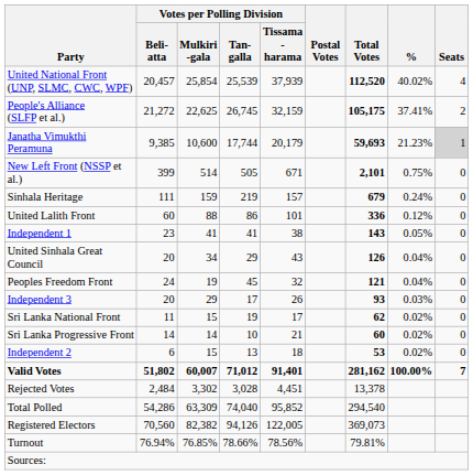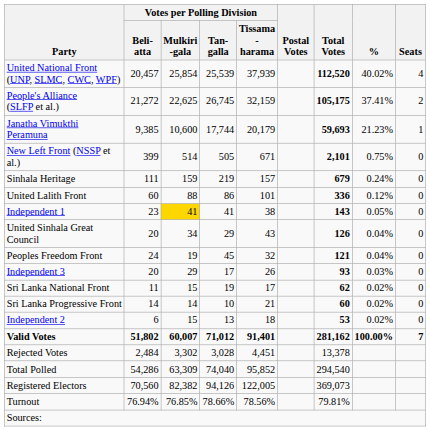 <table class="wikitable" style="text-align:right;">
 <tr>
 <th align=left valign=bottom rowspan=2 width="180">Party</th>
 <th colspan=4>Votes per Polling Division</th>
 <th align=center valign=bottom rowspan=2 width="50">Postal<br>Votes</th>
 <th align=center valign=bottom rowspan=2 width="50">Total Votes</th>
 <th align=center valign=bottom rowspan=2 width="50">%</th>
 <th align=center valign=bottom rowspan=2 width="40">Seats</th>
 </tr>
 <tr>
 <th align=center valign=bottom width="50">Beli-<br>atta</th>
 <th align=center valign=bottom width="50">Mulkiri<br>-gala</th>
 <th align=center valign=bottom width="50">Tan-<br>galla</th>
 <th align=center valign=bottom width="50">Tissama<br>-harama</th>
 </tr>
 <tr>
 <td align=left><a href='#'>United National Front</a><br>(<a href='#'>UNP</a>, <a href='#'>SLMC</a>, <a href='#'>CWC</a>, <a href='#'>WPF</a>)</td>
 <td>20,457</td>
 <td>25,854</td>
 <td>25,539</td>
 <td>37,939</td>
 <td></td>
 <td><strong>112,520</strong></td>
 <td>40.02%</td>
 <td>4</td>
 </tr>
 <tr>
 <td align=left><a href='#'>People's Alliance</a><br>(<a href='#'>SLFP</a> et al.)</td>
 <td>21,272</td>
 <td>22,625</td>
 <td>26,745</td>
 <td>32,159</td>
 <td></td>
 <td><strong>105,175</strong></td>
 <td>37.41%</td>
 <td>2</td>
 </tr>
 <tr>
 <td align=left><a href='#'>Janatha Vimukthi Peramuna</a></td>
 <td>9,385</td>
 <td>10,600</td>
 <td>17,744</td>
 <td>20,179</td>
 <td></td>
 <td><strong>59,693</strong></td>
 <td>21.23%</td>
-<td style="background: lightgrey;">1</td>
+<td>1</td>
 </tr>
 <tr>
 <td align=left><a href='#'>New Left Front</a> (<a href='#'>NSSP</a> et al.)</td>
 <td>399</td>
 <td>514</td>
 <td>505</td>
 <td>671</td>
 <td></td>
 <td><strong>2,101</strong></td>
 <td>0.75%</td>
 <td>0</td>
 </tr>
 <tr>
 <td align=left>Sinhala Heritage</td>
 <td>111</td>
 <td>159</td>
 <td>219</td>
 <td>157</td>
 <td></td>
 <td><strong>679</strong></td>
 <td>0.24%</td>
 <td>0</td>
 </tr>
 <tr>
 <td align=left>United Lalith Front</td>
 <td>60</td>
 <td>88</td>
 <td>86</td>
 <td>101</td>
 <td></td>
 <td><strong>336</strong></td>
 <td>0.12%</td>
 <td>0</td>
 </tr>
 <tr>
 <td align=left><a href='#'>Independent 1</a></td>
 <td>23</td>
-<td>41</td>
+<td style="background: gold;">41</td>
 <td>41</td>
 <td>38</td>
 <td></td>
 <td><strong>143</strong></td>
 <td>0.05%</td>
 <td>0</td>
 </tr>
 <tr>
 <td align=left>United Sinhala Great Council</td>
 <td>20</td>
 <td>34</td>
 <td>29</td>
 <td>43</td>
 <td></td>
 <td><strong>126</strong></td>
 <td>0.04%</td>
 <td>0</td>
 </tr>
 <tr>
 <td align=left>Peoples Freedom Front</td>
 <td>24</td>
 <td>19</td>
 <td>45</td>
 <td>32</td>
 <td></td>
 <td><strong>121</strong></td>
 <td>0.04%</td>
 <td>0</td>
 </tr>
 <tr>
 <td align=left><a href='#'>Independent 3</a></td>
 <td>20</td>
 <td>29</td>
 <td>17</td>
 <td>26</td>
 <td></td>
 <td><strong>93</strong></td>
 <td>0.03%</td>
 <td>0</td>
 </tr>
 <tr>
 <td align=left>Sri Lanka National Front</td>
 <td>11</td>
 <td>15</td>
 <td>19</td>
 <td>17</td>
 <td></td>
 <td><strong>62</strong></td>
 <td>0.02%</td>
 <td>0</td>
 </tr>
 <tr>
 <td align=left>Sri Lanka Progressive Front</td>
 <td>14</td>
 <td>14</td>
 <td>10</td>
 <td>21</td>
 <td></td>
 <td><strong>60</strong></td>
 <td>0.02%</td>
 <td>0</td>
 </tr>
 <tr>
 <td align=left><a href='#'>Independent 2</a></td>
 <td>6</td>
 <td>15</td>
 <td>13</td>
 <td>18</td>
 <td></td>
 <td><strong>53</strong></td>
 <td>0.02%</td>
 <td>0</td>
 </tr>
 <tr>
 <td align=left><strong>Valid Votes</strong></td>
 <td><strong>51,802</strong></td>
 <td><strong>60,007</strong></td>
 <td><strong>71,012</strong></td>
 <td><strong>91,401</strong></td>
 <td></td>
 <td><strong>281,162</strong></td>
 <td><strong>100.00%</strong></td>
 <td><strong>7</strong></td>
 </tr>
 <tr>
 <td align=left>Rejected Votes</td>
 <td>2,484</td>
 <td>3,302</td>
 <td>3,028</td>
 <td>4,451</td>
 <td></td>
 <td>13,378</td>
 <td></td>
 <td></td>
 </tr>
 <tr>
 <td align=left>Total Polled</td>
 <td>54,286</td>
 <td>63,309</td>
 <td>74,040</td>
 <td>95,852</td>
 <td></td>
 <td>294,540</td>
 <td></td>
 <td></td>
 </tr>
 <tr>
 <td align=left>Registered Electors</td>
 <td>70,560</td>
 <td>82,382</td>
 <td>94,126</td>
 <td>122,005</td>
 <td></td>
 <td>369,073</td>
 <td></td>
 <td></td>
 </tr>
 <tr>
 <td align=left>Turnout</td>
 <td>76.94%</td>
 <td>76.85%</td>
 <td>78.66%</td>
 <td>78.56%</td>
 <td></td>
 <td>79.81%</td>
 <td></td>
 <td></td>
 </tr>
 <tr>
 <td align=left colspan=10>Sources:</td>
 </tr>
 </table>
